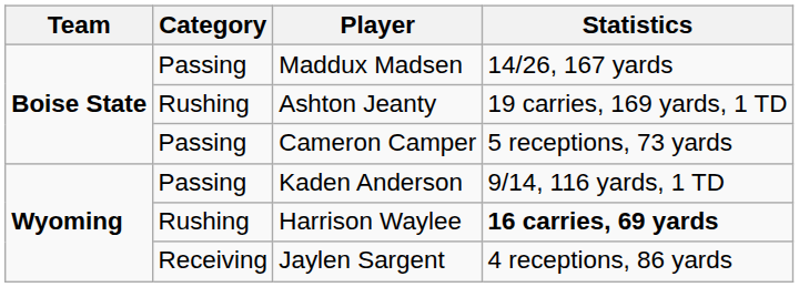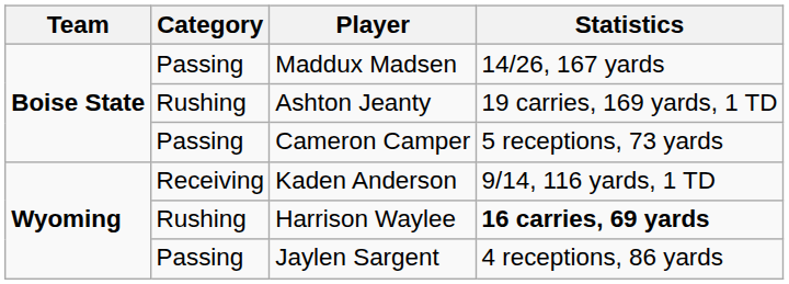 <table class="wikitable" style="float: right;">
 <tr>
 <th>Team</th>
 <th>Category</th>
 <th>Player</th>
 <th>Statistics</th>
 </tr>
 <tr>
 <td rowspan=3><strong>Boise State</strong></td>
 <td>Passing</td>
 <td>Maddux Madsen</td>
 <td>14/26, 167 yards</td>
 </tr>
 <tr>
 <td>Rushing</td>
 <td>Ashton Jeanty</td>
 <td>19 carries, 169 yards, 1 TD</td>
 </tr>
 <tr>
 <td>Passing</td>
 <td>Cameron Camper</td>
 <td>5 receptions, 73 yards</td>
 </tr>
 <tr>
 <td rowspan=3><strong>Wyoming</strong></td>
-<td>Passing</td>
+<td>Receiving</td>
 <td>Kaden Anderson</td>
 <td>9/14, 116 yards, 1 TD</td>
 </tr>
 <tr>
 <td>Rushing</td>
 <td>Harrison Waylee</td>
 <td><strong>16 carries, 69 yards</strong></td>
 </tr>
 <tr>
-<td>Receiving</td>
+<td>Passing</td>
 <td>Jaylen Sargent</td>
 <td>4 receptions, 86 yards</td>
 </tr>
 </table>
